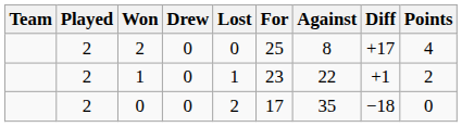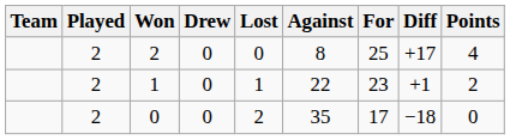 <table class="wikitable" style="text-align:center">
 <tr>
 <th>Team</th>
 <th>Played</th>
 <th>Won</th>
 <th>Drew</th>
 <th>Lost</th>
+<th>Against</th>
 <th>For</th>
-<th>Against</th>
 <th>Diff</th>
 <th>Points</th>
 </tr>
 <tr>
 <td align=left></td>
 <td>2</td>
 <td>2</td>
 <td>0</td>
 <td>0</td>
+<td>8</td>
 <td>25</td>
-<td>8</td>
 <td>+17</td>
 <td>4</td>
 </tr>
 <tr>
 <td align=left></td>
 <td>2</td>
 <td>1</td>
 <td>0</td>
 <td>1</td>
+<td>22</td>
 <td>23</td>
-<td>22</td>
 <td>+1</td>
 <td>2</td>
 </tr>
 <tr>
 <td align=left></td>
 <td>2</td>
 <td>0</td>
 <td>0</td>
 <td>2</td>
+<td>35</td>
 <td>17</td>
-<td>35</td>
 <td>−18</td>
 <td>0</td>
 </tr>
 </table>
